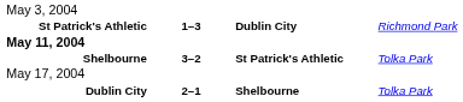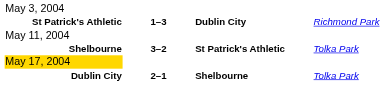 <table width=100% cellspacing=1>
 <tr>
 <th width=20%></th>
 <th width=12%></th>
 <th width=20%></th>
 <th></th>
 </tr>
 <tr>
 <td>May 3, 2004</td>
 </tr>
 <tr style=font-size:90%>
 <td align=right><strong>St Patrick's Athletic</strong></td>
 <td align=center><strong>1–3</strong></td>
 <td><strong>Dublin City</strong></td>
 <td><em><a href='#'>Richmond Park</a></em></td>
 </tr>
 <tr>
-<td><strong>May 11, 2004</strong></td>
+<td>May 11, 2004</td>
 </tr>
 <tr style=font-size:90%>
 <td align=right><strong>Shelbourne</strong></td>
 <td align=center><strong>3–2</strong></td>
 <td><strong>St Patrick's Athletic</strong></td>
 <td><em><a href='#'>Tolka Park</a></em></td>
 </tr>
 <tr>
-<td>May 17, 2004</td>
+<td style="background: gold;">May 17, 2004</td>
 </tr>
 <tr style=font-size:90%>
 <td align=right><strong>Dublin City</strong></td>
 <td align=center><strong>2–1</strong></td>
 <td><strong>Shelbourne</strong></td>
 <td><em><a href='#'>Tolka Park</a></em></td>
 </tr>
 </table>
